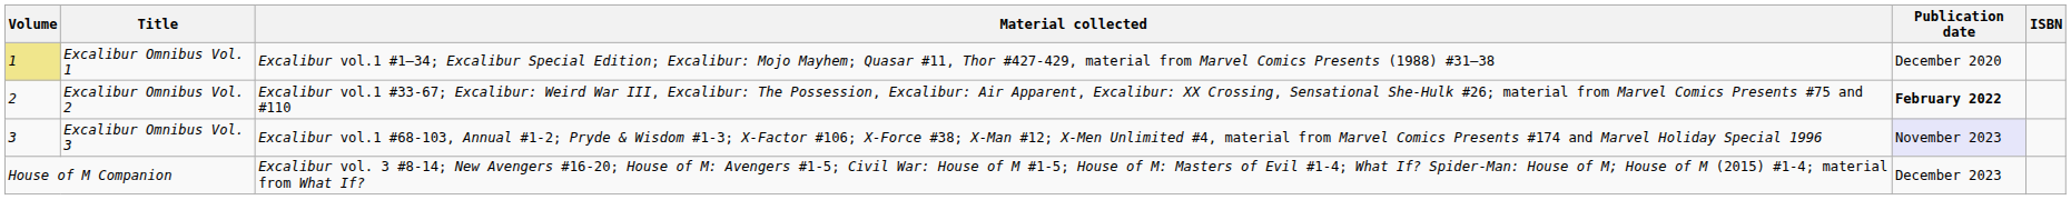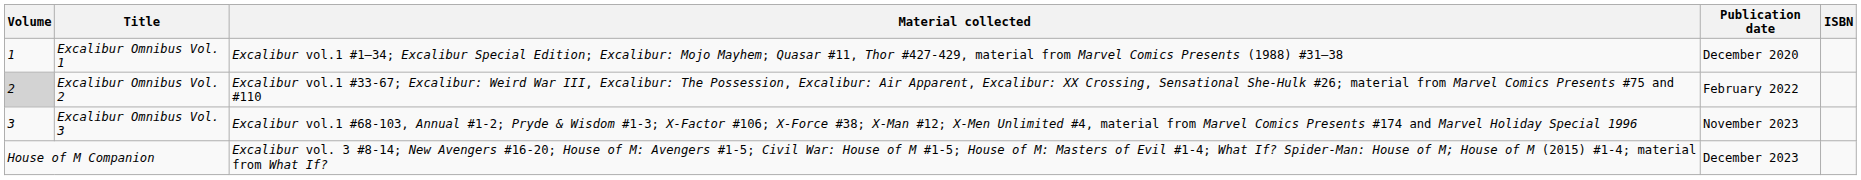 <table class="wikitable">
 <tr>
 <th>Volume</th>
 <th>Title</th>
 <th>Material collected</th>
 <th>Publication date</th>
 <th>ISBN</th>
 </tr>
 <tr>
-<td style="background: khaki;"><em>1</em></td>
+<td><em>1</em></td>
 <td><em>Excalibur Omnibus Vol. 1</em></td>
 <td><em>Excalibur</em> vol.1 #1–34; <em>Excalibur Special Edition</em>; <em>Excalibur: Mojo Mayhem</em>; <em>Quasar</em> #11, <em>Thor</em> #427-429, material from <em>Marvel Comics Presents</em> (1988) #31–38</td>
 <td>December 2020</td>
 <td></td>
 </tr>
 <tr>
-<td><em>2</em></td>
+<td style="background: lightgrey;"><em>2</em></td>
 <td><em>Excalibur Omnibus Vol. 2</em></td>
 <td><em>Excalibur</em> vol.1 #33-67; <em>Excalibur: Weird War III</em>, <em>Excalibur: The Possession</em>, <em>Excalibur: Air Apparent</em>, <em>Excalibur: XX Crossing</em>, <em>Sensational She-Hulk</em> #26; material from <em>Marvel Comics Presents</em> #75 and #110</td>
-<td><strong>February 2022</strong></td>
+<td>February 2022</td>
 <td></td>
 </tr>
 <tr>
 <td><em>3</em></td>
 <td><em>Excalibur Omnibus Vol. 3</em></td>
 <td><em>Excalibur</em> vol.1 #68-103, <em>Annual</em> #1-2; <em>Pryde & Wisdom</em> #1-3; <em>X-Factor</em> #106; <em>X-Force</em> #38; <em>X-Man</em> #12; <em>X-Men Unlimited</em> #4, material from <em>Marvel Comics Presents</em> #174 and <em>Marvel Holiday Special 1996</em></td>
-<td style="background: lavender;">November 2023</td>
+<td>November 2023</td>
 <td></td>
 </tr>
 <tr>
 <td colspan="2"><em>House of M Companion</em></td>
 <td><em>Excalibur</em> vol. 3 #8-14; <em>New Avengers</em> #16-20; <em>House of M: Avengers</em> #1-5; <em>Civil War: House of M</em> #1-5; <em>House of M: Masters of Evil</em> #1-4; <em>What If? Spider-Man: House of M; House of M</em> (2015) #1-4; material from <em>What If?</em></td>
 <td>December 2023</td>
 <td></td>
 </tr>
 </table>
